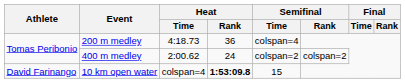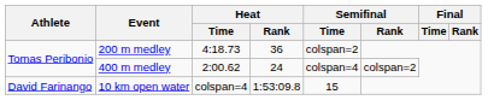 <table class=wikitable style="font-size:90%;">
 <tr>
 <th rowspan=2>Athlete</th>
 <th rowspan=2>Event</th>
 <th colspan=2>Heat</th>
 <th colspan=2>Semifinal</th>
 <th colspan=2>Final</th>
 </tr>
 <tr style="font-size:95%">
 <th>Time</th>
 <th>Rank</th>
 <th>Time</th>
 <th>Rank</th>
 <th>Time</th>
 <th>Rank</th>
 </tr>
 <tr align=center>
 <td align=left rowspan=2><a href='#'>Tomas Peribonio</a></td>
 <td align=left><a href='#'>200 m medley</a></td>
 <td>4:18.73</td>
 <td>36</td>
-<td>colspan=4 </td>
+<td>colspan=2 </td>
 </tr>
 <tr align=center>
 <td align=left><a href='#'>400 m medley</a></td>
 <td>2:00.62</td>
 <td>24</td>
-<td>colspan=2 </td>
+<td>colspan=4 </td>
 <td>colspan=2 </td>
 </tr>
 <tr align=center>
 <td align=left><a href='#'>David Farinango</a></td>
 <td align=left><a href='#'>10 km open water</a></td>
 <td>colspan=4 </td>
-<td><strong>1:53:09.8</strong></td>
+<td>1:53:09.8</td>
 <td>15</td>
 </tr>
 </table>
